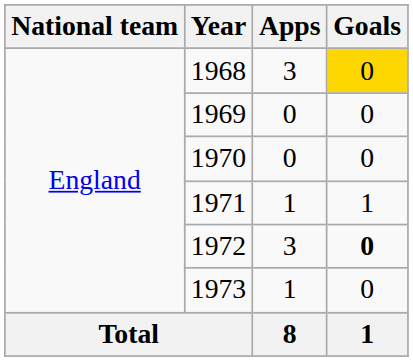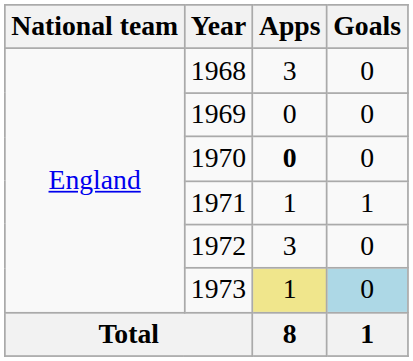 <table class="wikitable" style="text-align:center">
 <tr>
 <th>National team</th>
 <th>Year</th>
 <th>Apps</th>
 <th>Goals</th>
 </tr>
 <tr>
 <td rowspan="6"><a href='#'>England</a></td>
 <td>1968</td>
 <td>3</td>
-<td style="background: gold;">0</td>
+<td>0</td>
 </tr>
 <tr>
 <td>1969</td>
 <td>0</td>
 <td>0</td>
 </tr>
 <tr>
 <td>1970</td>
-<td>0</td>
+<td><strong>0</strong></td>
 <td>0</td>
 </tr>
 <tr>
 <td>1971</td>
 <td>1</td>
 <td>1</td>
 </tr>
 <tr>
 <td>1972</td>
 <td>3</td>
-<td><strong>0</strong></td>
+<td>0</td>
 </tr>
 <tr>
 <td>1973</td>
-<td>1</td>
-<td>0</td>
+<td style="background: khaki;">1</td>
+<td style="background: lightblue;">0</td>
 </tr>
 <tr>
 <th colspan="2">Total</th>
 <th>8</th>
 <th>1</th>
 </tr>
 </table>
